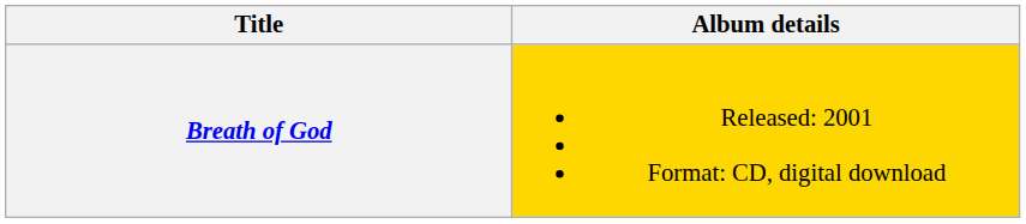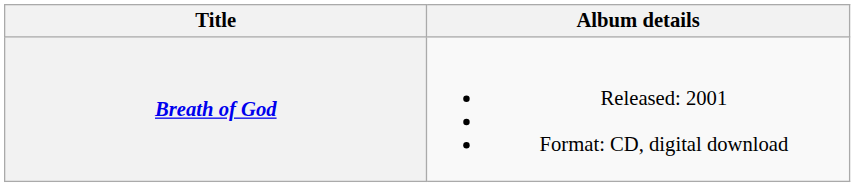 <table class="wikitable plainrowheaders" style="text-align:center;">
 <tr>
 <th scope="col" rowspan="1" style="width:20em;">Title</th>
 <th scope="col" rowspan="1" style="width:20em;">Album details</th>
 </tr>
 <tr>
 <th scope="row"><em><a href='#'>Breath of God</a></em></th>
-<td style="background: gold;"><br><ul><li>Released: 2001</li><li></li><li>Format: CD, digital download</li></ul></td>
+<td><br><ul><li>Released: 2001</li><li></li><li>Format: CD, digital download</li></ul></td>
 </tr>
 </table>
